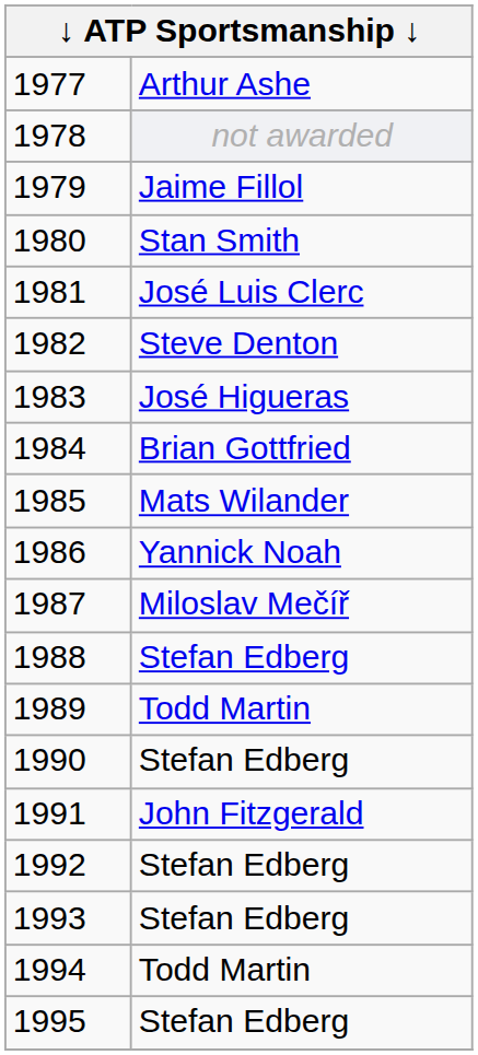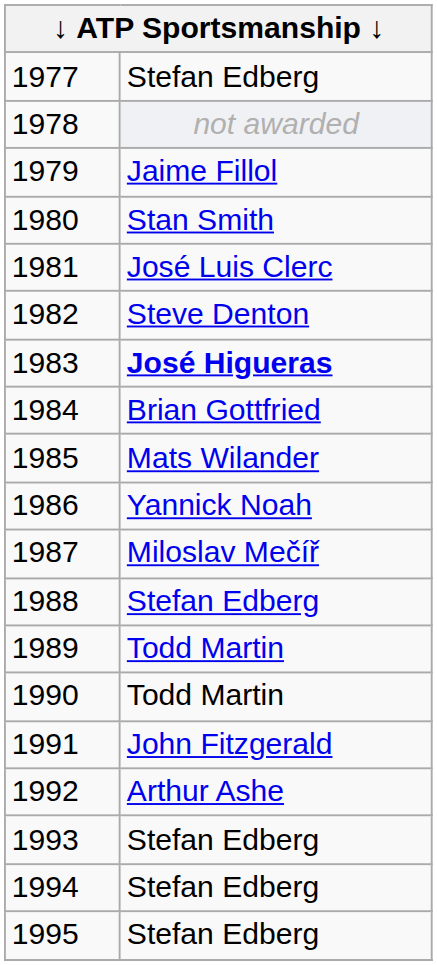 <table class="wikitable sortable" style="display:inline-table;">
 <tr>
 <th colspan=2 width=220>↓ ATP Sportsmanship ↓</th>
 </tr>
 <tr>
 <td>1977</td>
-<td> <a href='#'>Arthur Ashe</a></td>
+<td> Stefan Edberg </td>
 </tr>
 <tr>
 <td>1978</td>
 <td style="background: #f0f1f4; color: #b0b0b0; text-align: center;"><em>not awarded</em></td>
 </tr>
 <tr>
 <td>1979</td>
 <td> <a href='#'>Jaime Fillol</a></td>
 </tr>
 <tr>
 <td>1980</td>
 <td> <a href='#'>Stan Smith</a></td>
 </tr>
 <tr>
 <td>1981</td>
 <td> <a href='#'>José Luis Clerc</a></td>
 </tr>
 <tr>
 <td>1982</td>
 <td> <a href='#'>Steve Denton</a></td>
 </tr>
 <tr>
 <td>1983</td>
-<td> <a href='#'>José Higueras</a></td>
+<td><strong> <a href='#'>José Higueras</a></strong></td>
 </tr>
 <tr>
 <td>1984</td>
 <td> <a href='#'>Brian Gottfried</a></td>
 </tr>
 <tr>
 <td>1985</td>
 <td> <a href='#'>Mats Wilander</a></td>
 </tr>
 <tr>
 <td>1986</td>
 <td> <a href='#'>Yannick Noah</a></td>
 </tr>
 <tr>
 <td>1987</td>
 <td> <a href='#'>Miloslav Mečíř</a></td>
 </tr>
 <tr>
 <td>1988</td>
 <td> <a href='#'>Stefan Edberg</a></td>
 </tr>
 <tr>
 <td>1989</td>
 <td> <a href='#'>Todd Martin</a></td>
 </tr>
 <tr>
 <td>1990</td>
-<td> Stefan Edberg </td>
+<td> Todd Martin </td>
 </tr>
 <tr>
 <td>1991</td>
 <td> <a href='#'>John Fitzgerald</a></td>
 </tr>
 <tr>
 <td>1992</td>
-<td> Stefan Edberg </td>
+<td> <a href='#'>Arthur Ashe</a></td>
 </tr>
 <tr>
 <td>1993</td>
 <td> Stefan Edberg </td>
 </tr>
 <tr>
 <td>1994</td>
-<td> Todd Martin </td>
+<td> Stefan Edberg </td>
 </tr>
 <tr>
 <td>1995</td>
 <td> Stefan Edberg </td>
 </tr>
 <tr>
 </tr>
 </table>
